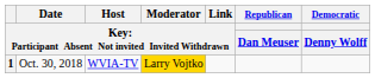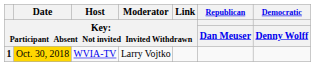 <table class="wikitable" style="text-align:center;">
 <tr>
 <th scope="col"></th>
 <th scope="col">Date</th>
 <th scope="col">Host</th>
 <th scope="col">Moderator</th>
 <th scope="col">Link</th>
 <th scope="col"><small><a href='#'>Republican</a></small></th>
 <th scope="col"><small><a href='#'>Democratic</a></small></th>
 </tr>
 <tr>
 <th colspan="5" rowspan="2">Key:<br> <small>Participant </small>  <small>Absent </small>  <small>Not invited </small>  <small>Invited  Withdrawn</small></th>
 <th scope="col" style="background:"></th>
 <th scope="col" style="background:"></th>
 </tr>
 <tr>
 <th scope="col"><a href='#'>Dan Meuser</a></th>
 <th scope="col"><a href='#'>Denny Wolff</a></th>
 </tr>
 <tr>
 <th>1</th>
-<td style="white-space:nowrap;">Oct. 30, 2018</td>
+<td style="background: gold; white-space:nowrap;">Oct. 30, 2018</td>
 <td style="white-space:nowrap;"><a href='#'>WVIA-TV</a></td>
-<td style="background: gold; white-space:nowrap;">Larry Vojtko</td>
+<td style="white-space:nowrap;">Larry Vojtko</td>
 <td style="white-space:nowrap;"></td>
 <td></td>
 <td></td>
 </tr>
 </table>
